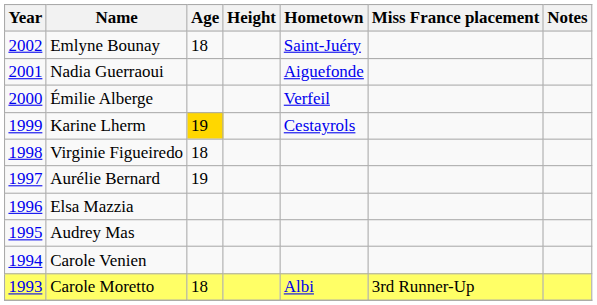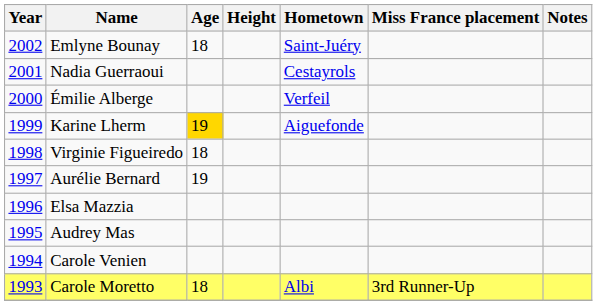 <table class="wikitable sortable">
 <tr>
 <th>Year</th>
 <th>Name</th>
 <th>Age</th>
 <th>Height</th>
 <th>Hometown</th>
 <th>Miss France placement</th>
 <th>Notes</th>
 </tr>
 <tr>
 <td><a href='#'>2002</a></td>
 <td>Emlyne Bounay</td>
 <td>18</td>
 <td></td>
 <td><a href='#'>Saint-Juéry</a></td>
 <td></td>
 <td></td>
 </tr>
 <tr>
 <td><a href='#'>2001</a></td>
 <td>Nadia Guerraoui</td>
 <td></td>
 <td></td>
-<td><a href='#'>Aiguefonde</a></td>
+<td><a href='#'>Cestayrols</a></td>
 <td></td>
 <td></td>
 </tr>
 <tr>
 <td><a href='#'>2000</a></td>
 <td>Émilie Alberge</td>
 <td></td>
 <td></td>
 <td><a href='#'>Verfeil</a></td>
 <td></td>
 <td></td>
 </tr>
 <tr>
 <td><a href='#'>1999</a></td>
 <td>Karine Lherm</td>
 <td style="background: gold;">19</td>
 <td></td>
-<td><a href='#'>Cestayrols</a></td>
+<td><a href='#'>Aiguefonde</a></td>
 <td></td>
 <td></td>
 </tr>
 <tr>
 <td><a href='#'>1998</a></td>
 <td>Virginie Figueiredo</td>
 <td>18</td>
 <td></td>
 <td></td>
 <td></td>
 <td></td>
 </tr>
 <tr>
 <td><a href='#'>1997</a></td>
 <td>Aurélie Bernard</td>
 <td>19</td>
 <td></td>
 <td></td>
 <td></td>
 <td></td>
 </tr>
 <tr>
 <td><a href='#'>1996</a></td>
 <td>Elsa Mazzia</td>
 <td></td>
 <td></td>
 <td></td>
 <td></td>
 <td></td>
 </tr>
 <tr>
 <td><a href='#'>1995</a></td>
 <td>Audrey Mas</td>
 <td></td>
 <td></td>
 <td></td>
 <td></td>
 <td></td>
 </tr>
 <tr>
 <td><a href='#'>1994</a></td>
 <td>Carole Venien</td>
 <td></td>
 <td></td>
 <td></td>
 <td></td>
 <td></td>
 </tr>
 <tr bgcolor=#FFFF66>
 <td><a href='#'>1993</a></td>
 <td>Carole Moretto</td>
 <td>18</td>
 <td></td>
 <td><a href='#'>Albi</a></td>
 <td>3rd Runner-Up</td>
 <td></td>
 </tr>
 <tr>
 </tr>
 </table>
